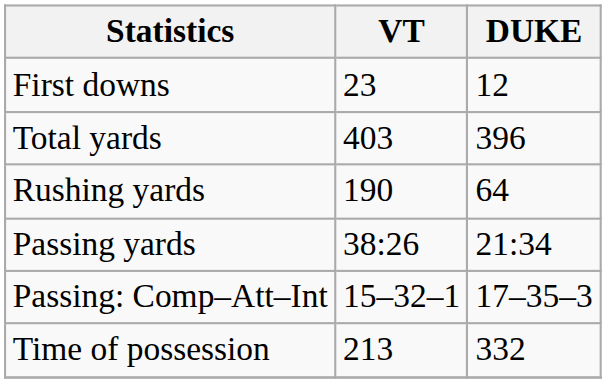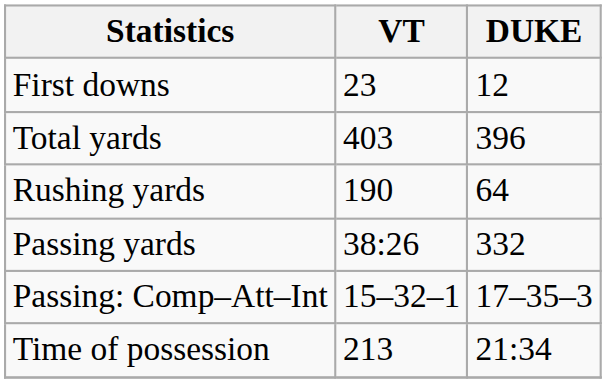 <table class="wikitable" style="float: left;">
 <tr>
 <th>Statistics</th>
 <th>VT</th>
 <th>DUKE</th>
 </tr>
 <tr>
 <td>First downs</td>
 <td>23</td>
 <td>12</td>
 </tr>
 <tr>
 <td>Total yards</td>
 <td>403</td>
 <td>396</td>
 </tr>
 <tr>
 <td>Rushing yards</td>
 <td>190</td>
 <td>64</td>
 </tr>
 <tr>
 <td>Passing yards</td>
 <td>38:26</td>
-<td>21:34</td>
+<td>332</td>
 </tr>
 <tr>
 <td>Passing: Comp–Att–Int</td>
 <td>15–32–1</td>
 <td>17–35–3</td>
 </tr>
 <tr>
 <td>Time of possession</td>
 <td>213</td>
-<td>332</td>
+<td>21:34</td>
 </tr>
 <tr>
 </tr>
 </table>
